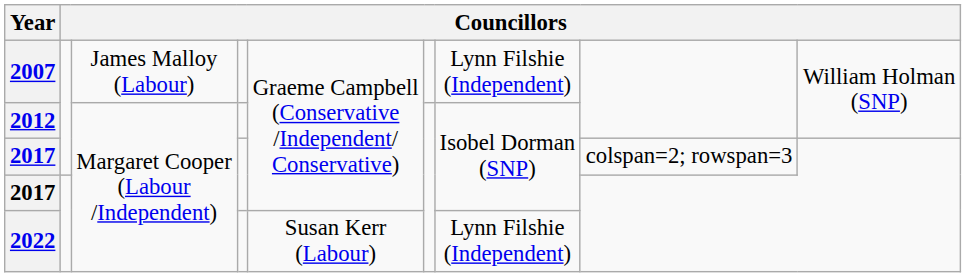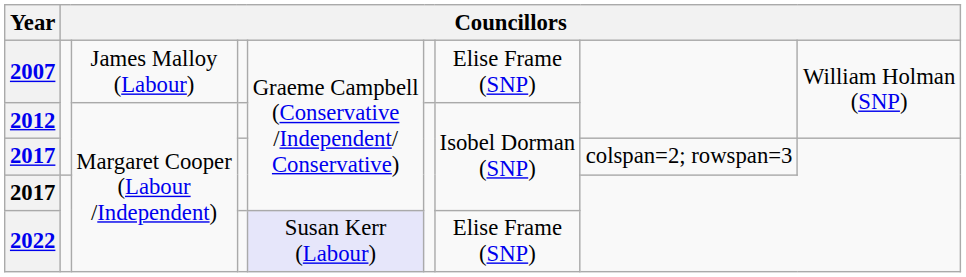 <table class="wikitable" style="text-align:center">
 <tr>
 <th>Year</th>
 <th colspan=8>Councillors</th>
 </tr>
 <tr>
 <th><a href='#'>2007</a></th>
 <td rowspan=3; style="background-color: "></td>
 <td rowspan=1>James Malloy<br>(<a href='#'>Labour</a>)</td>
 <td rowspan=1; style="background-color: "></td>
 <td rowspan=4>Graeme Campbell<br>(<a href='#'>Conservative</a><br>/<a href='#'>Independent</a>/<br><a href='#'>Conservative</a>)</td>
 <td rowspan=1; style="background-color: "></td>
-<td rowspan=1>Lynn Filshie<br>(<a href='#'>Independent</a>)</td>
+<td rowspan=1>Elise Frame<br>(<a href='#'>SNP</a>)</td>
 <td rowspan=2; style="background-color: "></td>
 <td rowspan=2>William Holman<br>(<a href='#'>SNP</a>)</td>
 </tr>
 <tr>
 <th><a href='#'>2012</a></th>
 <td rowspan=4>Margaret Cooper<br>(<a href='#'>Labour</a><br>/<a href='#'>Independent</a>)</td>
 <td rowspan=1; style="background-color: "></td>
 <td rowspan=4; style="background-color: "></td>
 <td rowspan=3>Isobel Dorman<br>(<a href='#'>SNP</a>)</td>
 </tr>
 <tr>
 <th><a href='#'>2017</a></th>
 <td rowspan=2; style="background-color: "></td>
 <td>colspan=2; rowspan=3 </td>
 </tr>
 <tr>
 <th>2017</th>
 <td rowspan=2; style="background-color: "></td>
 </tr>
 <tr>
 <th><a href='#'>2022</a></th>
 <td rowspan=1; style="background-color: "></td>
-<td rowspan=1>Susan Kerr<br>(<a href='#'>Labour</a>)</td>
-<td rowspan=1>Lynn Filshie<br>(<a href='#'>Independent</a>)</td>
+<td rowspan=1 style="background: lavender;">Susan Kerr<br>(<a href='#'>Labour</a>)</td>
+<td rowspan=1>Elise Frame<br>(<a href='#'>SNP</a>)</td>
 </tr>
 </table>
